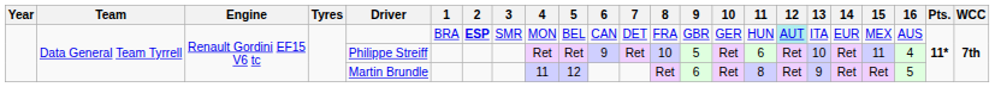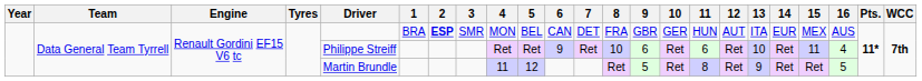 <table class="wikitable" style="text-align:center; font-size:95%">
 <tr>
 <th>Year</th>
 <th>Team</th>
 <th>Engine</th>
 <th>Tyres</th>
 <th>Driver</th>
 <th>1</th>
 <th>2</th>
 <th>3</th>
 <th>4</th>
 <th>5</th>
 <th>6</th>
 <th>7</th>
 <th>8</th>
 <th>9</th>
 <th>10</th>
 <th>11</th>
 <th>12</th>
 <th>13</th>
 <th>14</th>
 <th>15</th>
 <th>16</th>
 <th>Pts.</th>
 <th>WCC</th>
 </tr>
 <tr>
 <td rowspan="3"></td>
 <td rowspan="3"><a href='#'>Data General</a> <a href='#'>Team Tyrrell</a></td>
 <td rowspan="3"><a href='#'>Renault Gordini</a> <a href='#'>EF15</a><br><a href='#'>V6</a> <a href='#'>tc</a></td>
 <td rowspan="3"></td>
 <td></td>
 <td><a href='#'>BRA</a></td>
 <td><strong><a href='#'>ESP</a></strong></td>
 <td><a href='#'>SMR</a></td>
 <td><a href='#'>MON</a></td>
 <td><a href='#'>BEL</a></td>
 <td><a href='#'>CAN</a></td>
 <td><a href='#'>DET</a></td>
 <td><a href='#'>FRA</a></td>
 <td><a href='#'>GBR</a></td>
 <td><a href='#'>GER</a></td>
 <td><a href='#'>HUN</a></td>
-<td style="background: paleturquoise;"><a href='#'>AUT</a></td>
+<td><a href='#'>AUT</a></td>
 <td><a href='#'>ITA</a></td>
 <td><a href='#'>EUR</a></td>
 <td><a href='#'>MEX</a></td>
 <td><a href='#'>AUS</a></td>
 <td rowspan="3"><strong>11*</strong></td>
 <td rowspan="3"><strong>7th</strong></td>
 </tr>
 <tr>
 <td align="left"><a href='#'>Philippe Streiff</a></td>
 <td></td>
 <td></td>
 <td></td>
 <td style="background:#efcfff;">Ret</td>
 <td style="background:#efcfff;">Ret</td>
 <td style="background:#cfcfff;">9</td>
 <td style="background:#efcfff;">Ret</td>
 <td style="background:#cfcfff;">10</td>
-<td style="background:#dfffdf;">5</td>
+<td style="background:#dfffdf;">6</td>
 <td style="background:#efcfff;">Ret</td>
 <td style="background:#dfffdf;">6</td>
 <td style="background:#efcfff;">Ret</td>
 <td style="background:#cfcfff;">10</td>
 <td style="background:#efcfff;">Ret</td>
 <td style="background:#cfcfff;">11</td>
 <td style="background:#dfffdf;">4</td>
 </tr>
 <tr>
 <td align="left"><a href='#'>Martin Brundle</a></td>
 <td></td>
 <td></td>
 <td></td>
 <td style="background:#cfcfff;">11</td>
 <td style="background:#cfcfff;">12</td>
 <td></td>
 <td></td>
 <td style="background:#efcfff;">Ret</td>
-<td style="background:#dfffdf;">6</td>
+<td style="background:#dfffdf;">5</td>
 <td style="background:#efcfff;">Ret</td>
 <td style="background:#cfcfff;">8</td>
 <td style="background:#efcfff;">Ret</td>
 <td style="background:#cfcfff;">9</td>
 <td style="background:#efcfff;">Ret</td>
 <td style="background:#efcfff;">Ret</td>
 <td style="background:#dfffdf;">5</td>
 </tr>
 </table>
